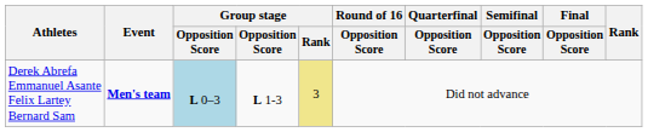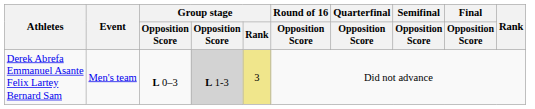 <table class="wikitable" style="font-size:90%">
 <tr>
 <th rowspan=2>Athletes</th>
 <th rowspan=2>Event</th>
 <th colspan=3>Group stage</th>
 <th>Round of 16</th>
 <th>Quarterfinal</th>
 <th>Semifinal</th>
 <th>Final</th>
 <th rowspan=2>Rank</th>
 </tr>
 <tr style="font-size:95%">
 <th>Opposition<br>Score</th>
 <th>Opposition<br>Score</th>
 <th>Rank</th>
 <th>Opposition<br>Score</th>
 <th>Opposition<br>Score</th>
 <th>Opposition<br>Score</th>
 <th>Opposition<br>Score</th>
 </tr>
 <tr align=center>
 <td align=left><a href='#'>Derek Abrefa</a><br><a href='#'>Emmanuel Asante</a><br><a href='#'>Felix Lartey</a><br><a href='#'>Bernard Sam</a></td>
-<td align=left><strong><a href='#'>Men's team</a></strong></td>
-<td style="background: lightblue;"><br><strong>L</strong> 0–3</td>
-<td><br><strong>L</strong> 1-3</td>
+<td align=left><a href='#'>Men's team</a></td>
+<td><br><strong>L</strong> 0–3</td>
+<td style="background: lightgrey;"><br><strong>L</strong> 1-3</td>
 <td style="background: khaki;">3</td>
 <td colspan=5>Did not advance</td>
 </tr>
 </table>
